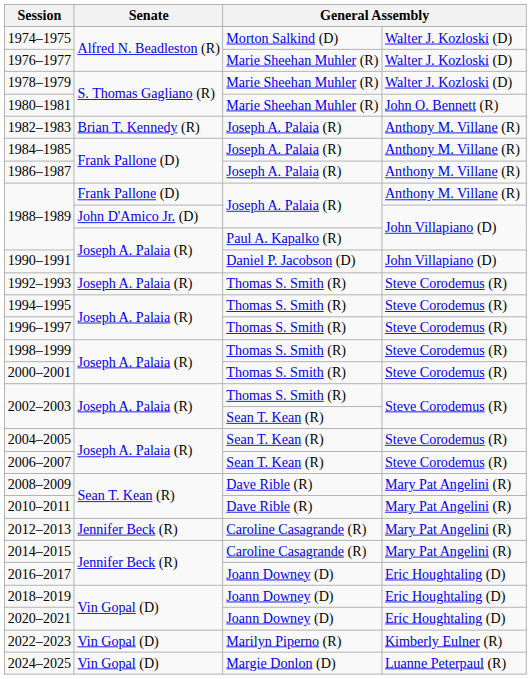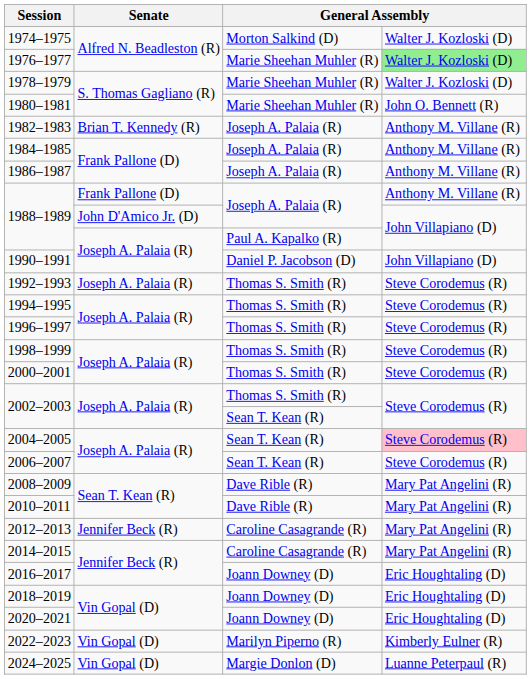 <table class="wikitable">
 <tr>
 <th>Session</th>
 <th>Senate</th>
 <th colspan=2>General Assembly</th>
 </tr>
 <tr>
 <td>1974–1975</td>
 <td rowspan=2 ><a href='#'>Alfred N. Beadleston</a> (R)</td>
 <td><a href='#'>Morton Salkind</a> (D)</td>
 <td><a href='#'>Walter J. Kozloski</a> (D)</td>
 </tr>
 <tr>
 <td>1976–1977</td>
 <td><a href='#'>Marie Sheehan Muhler</a> (R)</td>
-<td><a href='#'>Walter J. Kozloski</a> (D)</td>
+<td style="background: lightgreen;"><a href='#'>Walter J. Kozloski</a> (D)</td>
 </tr>
 <tr>
 <td>1978–1979</td>
 <td rowspan=2 ><a href='#'>S. Thomas Gagliano</a> (R)</td>
 <td><a href='#'>Marie Sheehan Muhler</a> (R)</td>
 <td><a href='#'>Walter J. Kozloski</a> (D)</td>
 </tr>
 <tr>
 <td>1980–1981</td>
 <td><a href='#'>Marie Sheehan Muhler</a> (R)</td>
 <td><a href='#'>John O. Bennett</a> (R)</td>
 </tr>
 <tr>
 <td>1982–1983</td>
 <td><a href='#'>Brian T. Kennedy</a> (R)</td>
 <td><a href='#'>Joseph A. Palaia</a> (R)</td>
 <td><a href='#'>Anthony M. Villane</a> (R)</td>
 </tr>
 <tr>
 <td>1984–1985</td>
 <td rowspan=2 ><a href='#'>Frank Pallone</a> (D)</td>
 <td><a href='#'>Joseph A. Palaia</a> (R)</td>
 <td><a href='#'>Anthony M. Villane</a> (R)</td>
 </tr>
 <tr>
 <td>1986–1987</td>
 <td><a href='#'>Joseph A. Palaia</a> (R)</td>
 <td><a href='#'>Anthony M. Villane</a> (R)</td>
 </tr>
 <tr>
 <td rowspan=4>1988–1989</td>
 <td rowspan=2 ><a href='#'>Frank Pallone</a> (D)<small> </small><br></td>
 <td rowspan=3 ><a href='#'>Joseph A. Palaia</a> (R)</td>
 <td><a href='#'>Anthony M. Villane</a> (R)<small> </small><br></td>
 </tr>
 <tr>
 <td rowspan=3 ><a href='#'>John Villapiano</a> (D)</td>
 </tr>
 <tr>
 <td><a href='#'>John D'Amico Jr.</a> (D)</td>
 </tr>
 <tr>
 <td rowspan=2 ><a href='#'>Joseph A. Palaia</a> (R)<small> </small><br></td>
 <td><a href='#'>Paul A. Kapalko</a> (R)</td>
 </tr>
 <tr>
 <td>1990–1991</td>
 <td><a href='#'>Daniel P. Jacobson</a> (D)</td>
 <td><a href='#'>John Villapiano</a> (D)</td>
 </tr>
 <tr>
 <td>1992–1993</td>
 <td><a href='#'>Joseph A. Palaia</a> (R)</td>
 <td><a href='#'>Thomas S. Smith</a> (R)</td>
 <td><a href='#'>Steve Corodemus</a> (R)</td>
 </tr>
 <tr>
 <td>1994–1995</td>
 <td rowspan=2 ><a href='#'>Joseph A. Palaia</a> (R)</td>
 <td><a href='#'>Thomas S. Smith</a> (R)</td>
 <td><a href='#'>Steve Corodemus</a> (R)</td>
 </tr>
 <tr>
 <td>1996–1997</td>
 <td><a href='#'>Thomas S. Smith</a> (R)</td>
 <td><a href='#'>Steve Corodemus</a> (R)</td>
 </tr>
 <tr>
 <td>1998–1999</td>
 <td rowspan=2 ><a href='#'>Joseph A. Palaia</a> (R)</td>
 <td><a href='#'>Thomas S. Smith</a> (R)</td>
 <td><a href='#'>Steve Corodemus</a> (R)</td>
 </tr>
 <tr>
 <td>2000–2001</td>
 <td><a href='#'>Thomas S. Smith</a> (R)</td>
 <td><a href='#'>Steve Corodemus</a> (R)</td>
 </tr>
 <tr>
 <td rowspan=2>2002–2003</td>
 <td rowspan=2 ><a href='#'>Joseph A. Palaia</a> (R)</td>
 <td><a href='#'>Thomas S. Smith</a> (R)</td>
 <td rowspan=2 ><a href='#'>Steve Corodemus</a> (R)</td>
 </tr>
 <tr>
 <td><a href='#'>Sean T. Kean</a> (R)</td>
 </tr>
 <tr>
 <td>2004–2005</td>
 <td rowspan=2 ><a href='#'>Joseph A. Palaia</a> (R)</td>
 <td><a href='#'>Sean T. Kean</a> (R)</td>
-<td><a href='#'>Steve Corodemus</a> (R)</td>
+<td style="background: pink;"><a href='#'>Steve Corodemus</a> (R)</td>
 </tr>
 <tr>
 <td>2006–2007</td>
 <td><a href='#'>Sean T. Kean</a> (R)</td>
 <td><a href='#'>Steve Corodemus</a> (R)</td>
 </tr>
 <tr>
 <td>2008–2009</td>
 <td rowspan=2 ><a href='#'>Sean T. Kean</a> (R)</td>
 <td><a href='#'>Dave Rible</a> (R)</td>
 <td><a href='#'>Mary Pat Angelini</a> (R)</td>
 </tr>
 <tr>
 <td>2010–2011</td>
 <td><a href='#'>Dave Rible</a> (R)</td>
 <td><a href='#'>Mary Pat Angelini</a> (R)</td>
 </tr>
 <tr>
 <td>2012–2013</td>
 <td><a href='#'>Jennifer Beck</a> (R)</td>
 <td><a href='#'>Caroline Casagrande</a> (R)</td>
 <td><a href='#'>Mary Pat Angelini</a> (R)</td>
 </tr>
 <tr>
 <td>2014–2015</td>
 <td rowspan=2 ><a href='#'>Jennifer Beck</a> (R)</td>
 <td><a href='#'>Caroline Casagrande</a> (R)</td>
 <td><a href='#'>Mary Pat Angelini</a> (R)</td>
 </tr>
 <tr>
 <td>2016–2017</td>
 <td><a href='#'>Joann Downey</a> (D)</td>
 <td><a href='#'>Eric Houghtaling</a> (D)</td>
 </tr>
 <tr>
 <td>2018–2019</td>
 <td rowspan=2 ><a href='#'>Vin Gopal</a> (D)</td>
 <td><a href='#'>Joann Downey</a> (D)</td>
 <td><a href='#'>Eric Houghtaling</a> (D)</td>
 </tr>
 <tr>
 <td>2020–2021</td>
 <td><a href='#'>Joann Downey</a> (D)</td>
 <td><a href='#'>Eric Houghtaling</a> (D)</td>
 </tr>
 <tr>
 <td>2022–2023</td>
 <td><a href='#'>Vin Gopal</a> (D)</td>
 <td><a href='#'>Marilyn Piperno</a> (R)</td>
 <td><a href='#'>Kimberly Eulner</a> (R)</td>
 </tr>
 <tr>
 <td>2024–2025</td>
 <td><a href='#'>Vin Gopal</a> (D)</td>
 <td><a href='#'>Margie Donlon</a> (D)</td>
 <td><a href='#'>Luanne Peterpaul</a> (R)</td>
 </tr>
 </table>
